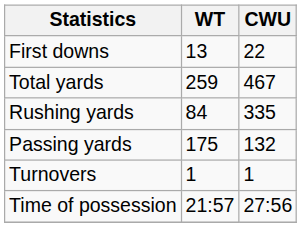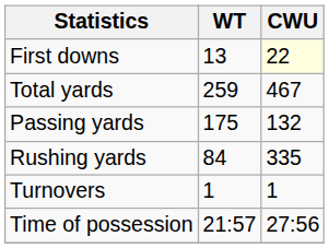 <table class="wikitable" style="float: left;">
 <tr>
 <th>Statistics</th>
 <th>WT</th>
 <th>CWU</th>
 </tr>
 <tr>
 <td>First downs</td>
 <td>13</td>
-<td>22</td>
+<td style="background: lightyellow;">22</td>
 </tr>
 <tr>
 <td>Total yards</td>
 <td>259</td>
 <td>467</td>
 </tr>
 <tr>
+<td>Passing yards</td>
+<td>175</td>
+<td>132</td>
+</tr>
+<tr>
 <td>Rushing yards</td>
 <td>84</td>
 <td>335</td>
-</tr>
-<tr>
-<td>Passing yards</td>
-<td>175</td>
-<td>132</td>
 </tr>
 <tr>
 <td>Turnovers</td>
 <td>1</td>
 <td>1</td>
 </tr>
 <tr>
 <td>Time of possession</td>
 <td>21:57</td>
 <td>27:56</td>
 </tr>
 <tr>
 </tr>
 </table>
